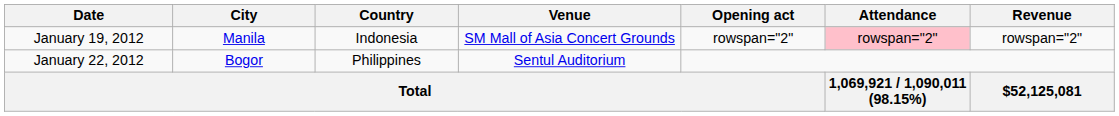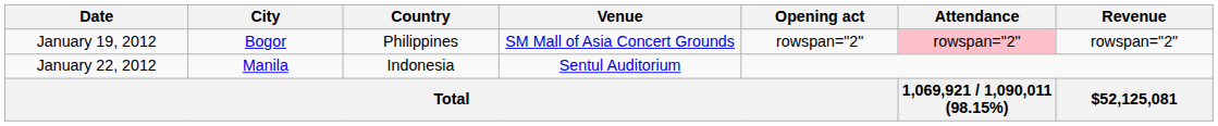 <table class="wikitable" style="text-align:center;">
 <tr>
 <th scope="col" style="width:12em;">Date</th>
 <th scope="col" style="width:10em;">City</th>
 <th scope="col" style="width:10em;">Country</th>
 <th scope="col" style="width:16em;">Venue</th>
 <th scope="col" style="width:10em;">Opening act</th>
 <th scope="col" style="width:10em;">Attendance</th>
 <th scope="col" style="width:10em;">Revenue</th>
 </tr>
 <tr>
 <td>January 19, 2012</td>
-<td><a href='#'>Manila</a></td>
-<td>Indonesia</td>
+<td><a href='#'>Bogor</a></td>
+<td>Philippines</td>
 <td><a href='#'>SM Mall of Asia Concert Grounds</a></td>
 <td>rowspan="2" </td>
 <td style="background: pink;">rowspan="2" </td>
 <td>rowspan="2" </td>
 </tr>
 <tr>
 <td>January 22, 2012</td>
-<td><a href='#'>Bogor</a></td>
-<td>Philippines</td>
+<td><a href='#'>Manila</a></td>
+<td>Indonesia</td>
 <td><a href='#'>Sentul Auditorium</a></td>
 </tr>
 <tr>
 <th colspan="5">Total</th>
 <th>1,069,921 / 1,090,011 (98.15%)</th>
 <th>$52,125,081</th>
 </tr>
 </table>
